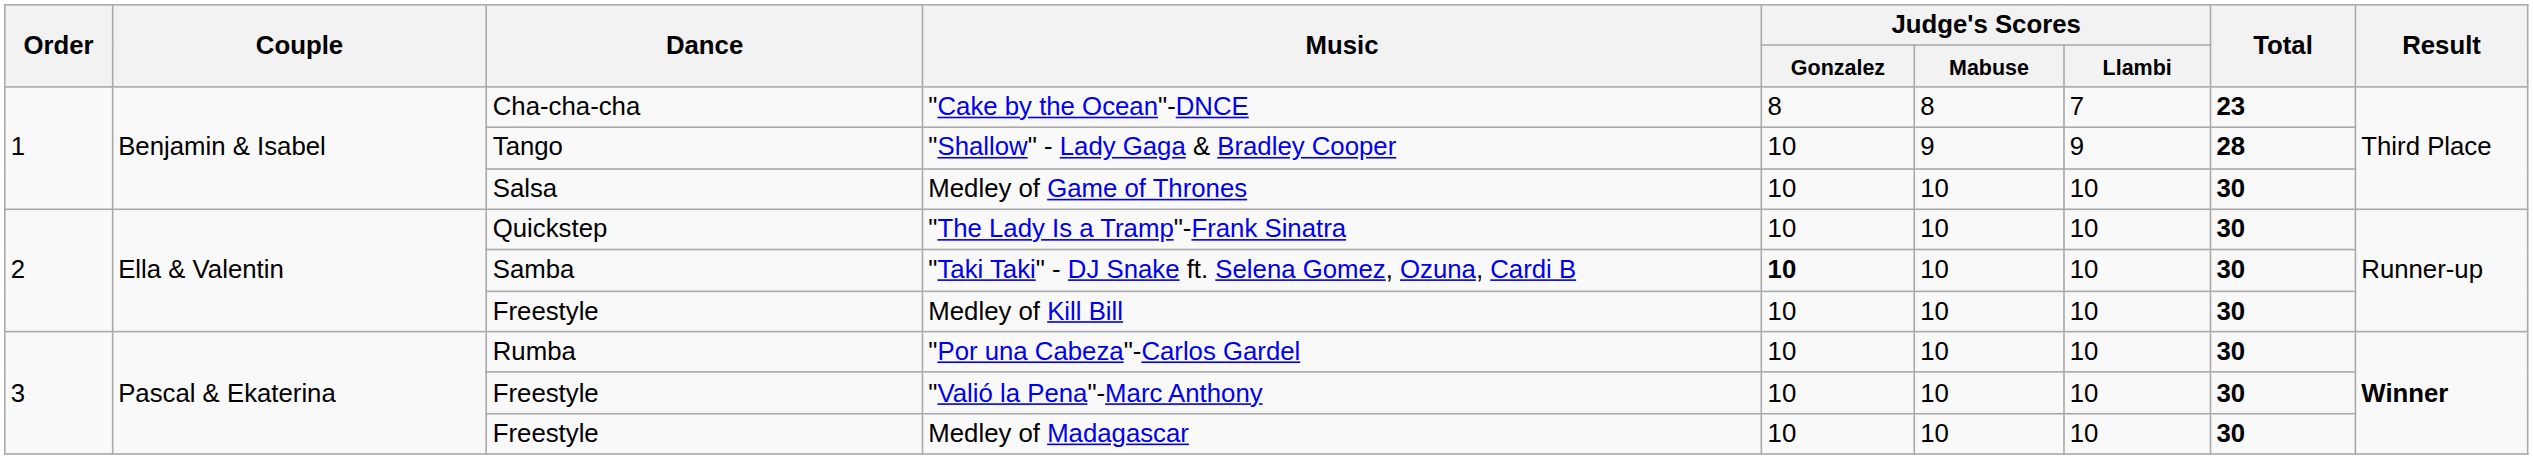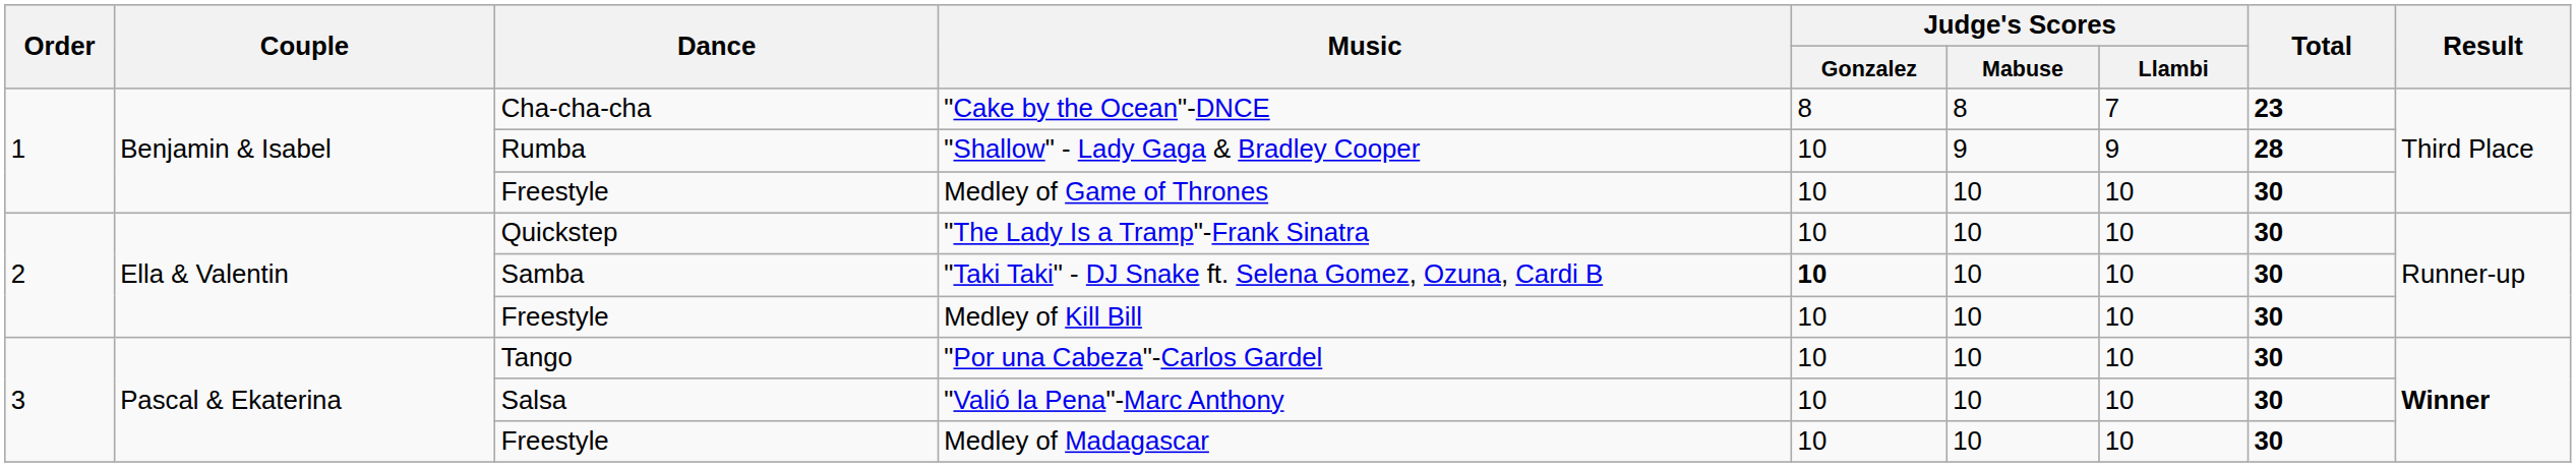 <table class="wikitable sortable center">
 <tr>
 <th rowspan="2" style="width: 4em">Order</th>
 <th rowspan="2" style="width: 17em">Couple</th>
 <th rowspan="2" style="width: 20em">Dance</th>
 <th rowspan="2" style="width: 40em">Music</th>
 <th colspan="3">Judge's Scores</th>
 <th rowspan="2" style="width: 6em">Total</th>
 <th rowspan="2" style="width: 7em">Result</th>
 </tr>
 <tr>
 <th style="width: 6em"><small>Gonzalez</small></th>
 <th style="width: 6em"><small>Mabuse</small></th>
 <th style="width: 6em"><small>Llambi</small></th>
 </tr>
 <tr>
 <td rowspan="3">1</td>
 <td rowspan="3">Benjamin & Isabel</td>
 <td>Cha-cha-cha</td>
 <td>"<a href='#'>Cake by the Ocean</a>"-<a href='#'>DNCE</a></td>
 <td>8</td>
 <td>8</td>
 <td>7</td>
 <td><strong>23</strong></td>
 <td rowspan="3">Third Place</td>
 </tr>
 <tr>
-<td>Tango</td>
+<td>Rumba</td>
 <td>"<a href='#'>Shallow</a>" - <a href='#'>Lady Gaga</a> & <a href='#'>Bradley Cooper</a></td>
 <td>10</td>
 <td>9</td>
 <td>9</td>
 <td><strong>28</strong></td>
 </tr>
 <tr>
-<td>Salsa</td>
+<td>Freestyle</td>
 <td>Medley of <a href='#'>Game of Thrones</a></td>
 <td>10</td>
 <td>10</td>
 <td>10</td>
 <td><strong>30</strong></td>
 </tr>
 <tr>
 <td rowspan="3">2</td>
 <td rowspan="3">Ella & Valentin</td>
 <td>Quickstep</td>
 <td>"<a href='#'>The Lady Is a Tramp</a>"-<a href='#'>Frank Sinatra</a></td>
 <td>10</td>
 <td>10</td>
 <td>10</td>
 <td><strong>30</strong></td>
 <td rowspan="3">Runner-up</td>
 </tr>
 <tr>
 <td>Samba</td>
 <td>"<a href='#'>Taki Taki</a>" - <a href='#'>DJ Snake</a> ft. <a href='#'>Selena Gomez</a>, <a href='#'>Ozuna</a>, <a href='#'>Cardi B</a></td>
 <td><strong>10</strong></td>
 <td>10</td>
 <td>10</td>
 <td><strong>30</strong></td>
 </tr>
 <tr>
 <td>Freestyle</td>
 <td>Medley of <a href='#'>Kill Bill</a></td>
 <td>10</td>
 <td>10</td>
 <td>10</td>
 <td><strong>30</strong></td>
 </tr>
 <tr>
 <td rowspan="3">3</td>
 <td rowspan="3">Pascal & Ekaterina</td>
-<td>Rumba</td>
+<td>Tango</td>
 <td>"<a href='#'>Por una Cabeza</a>"-<a href='#'>Carlos Gardel</a></td>
 <td>10</td>
 <td>10</td>
 <td>10</td>
 <td><strong>30</strong></td>
 <td rowspan="3"><strong>Winner</strong></td>
 </tr>
 <tr>
-<td>Freestyle</td>
+<td>Salsa</td>
 <td>"<a href='#'>Valió la Pena</a>"-<a href='#'>Marc Anthony</a></td>
 <td>10</td>
 <td>10</td>
 <td>10</td>
 <td><strong>30</strong></td>
 </tr>
 <tr>
 <td>Freestyle</td>
 <td>Medley of <a href='#'>Madagascar</a></td>
 <td>10</td>
 <td>10</td>
 <td>10</td>
 <td><strong>30</strong></td>
 </tr>
 </table>
